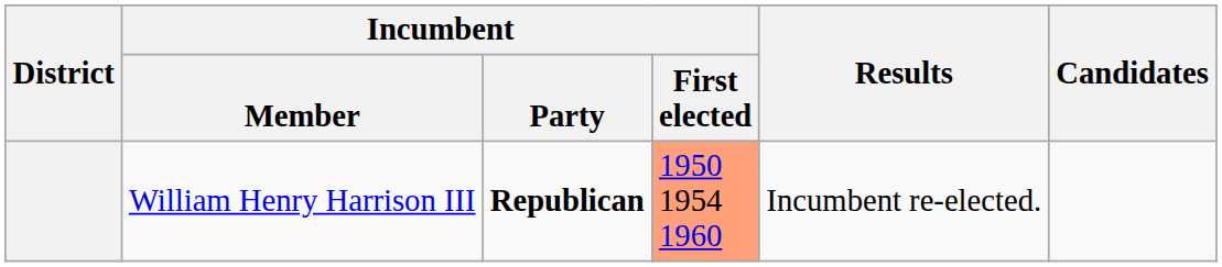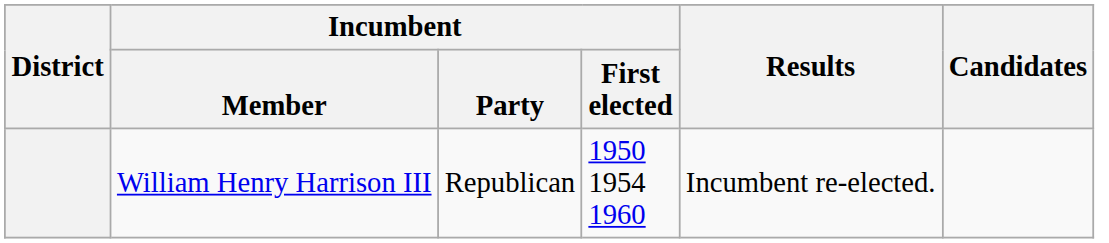 <table class="wikitable sortable">
 <tr>
 <th rowspan=2>District</th>
 <th colspan=3>Incumbent</th>
 <th rowspan=2>Results</th>
 <th rowspan=2 class="unsortable">Candidates</th>
 </tr>
 <tr valign=bottom>
 <th>Member</th>
 <th>Party</th>
 <th>First<br>elected</th>
 </tr>
 <tr>
 <th></th>
 <td><a href='#'>William Henry Harrison III</a></td>
-<td><strong>Republican</strong></td>
-<td style="background: lightsalmon;"><a href='#'>1950</a><br>1954 <br><a href='#'>1960</a></td>
+<td>Republican</td>
+<td><a href='#'>1950</a><br>1954 <br><a href='#'>1960</a></td>
 <td>Incumbent re-elected.</td>
 <td nowrap></td>
 </tr>
 </table>
